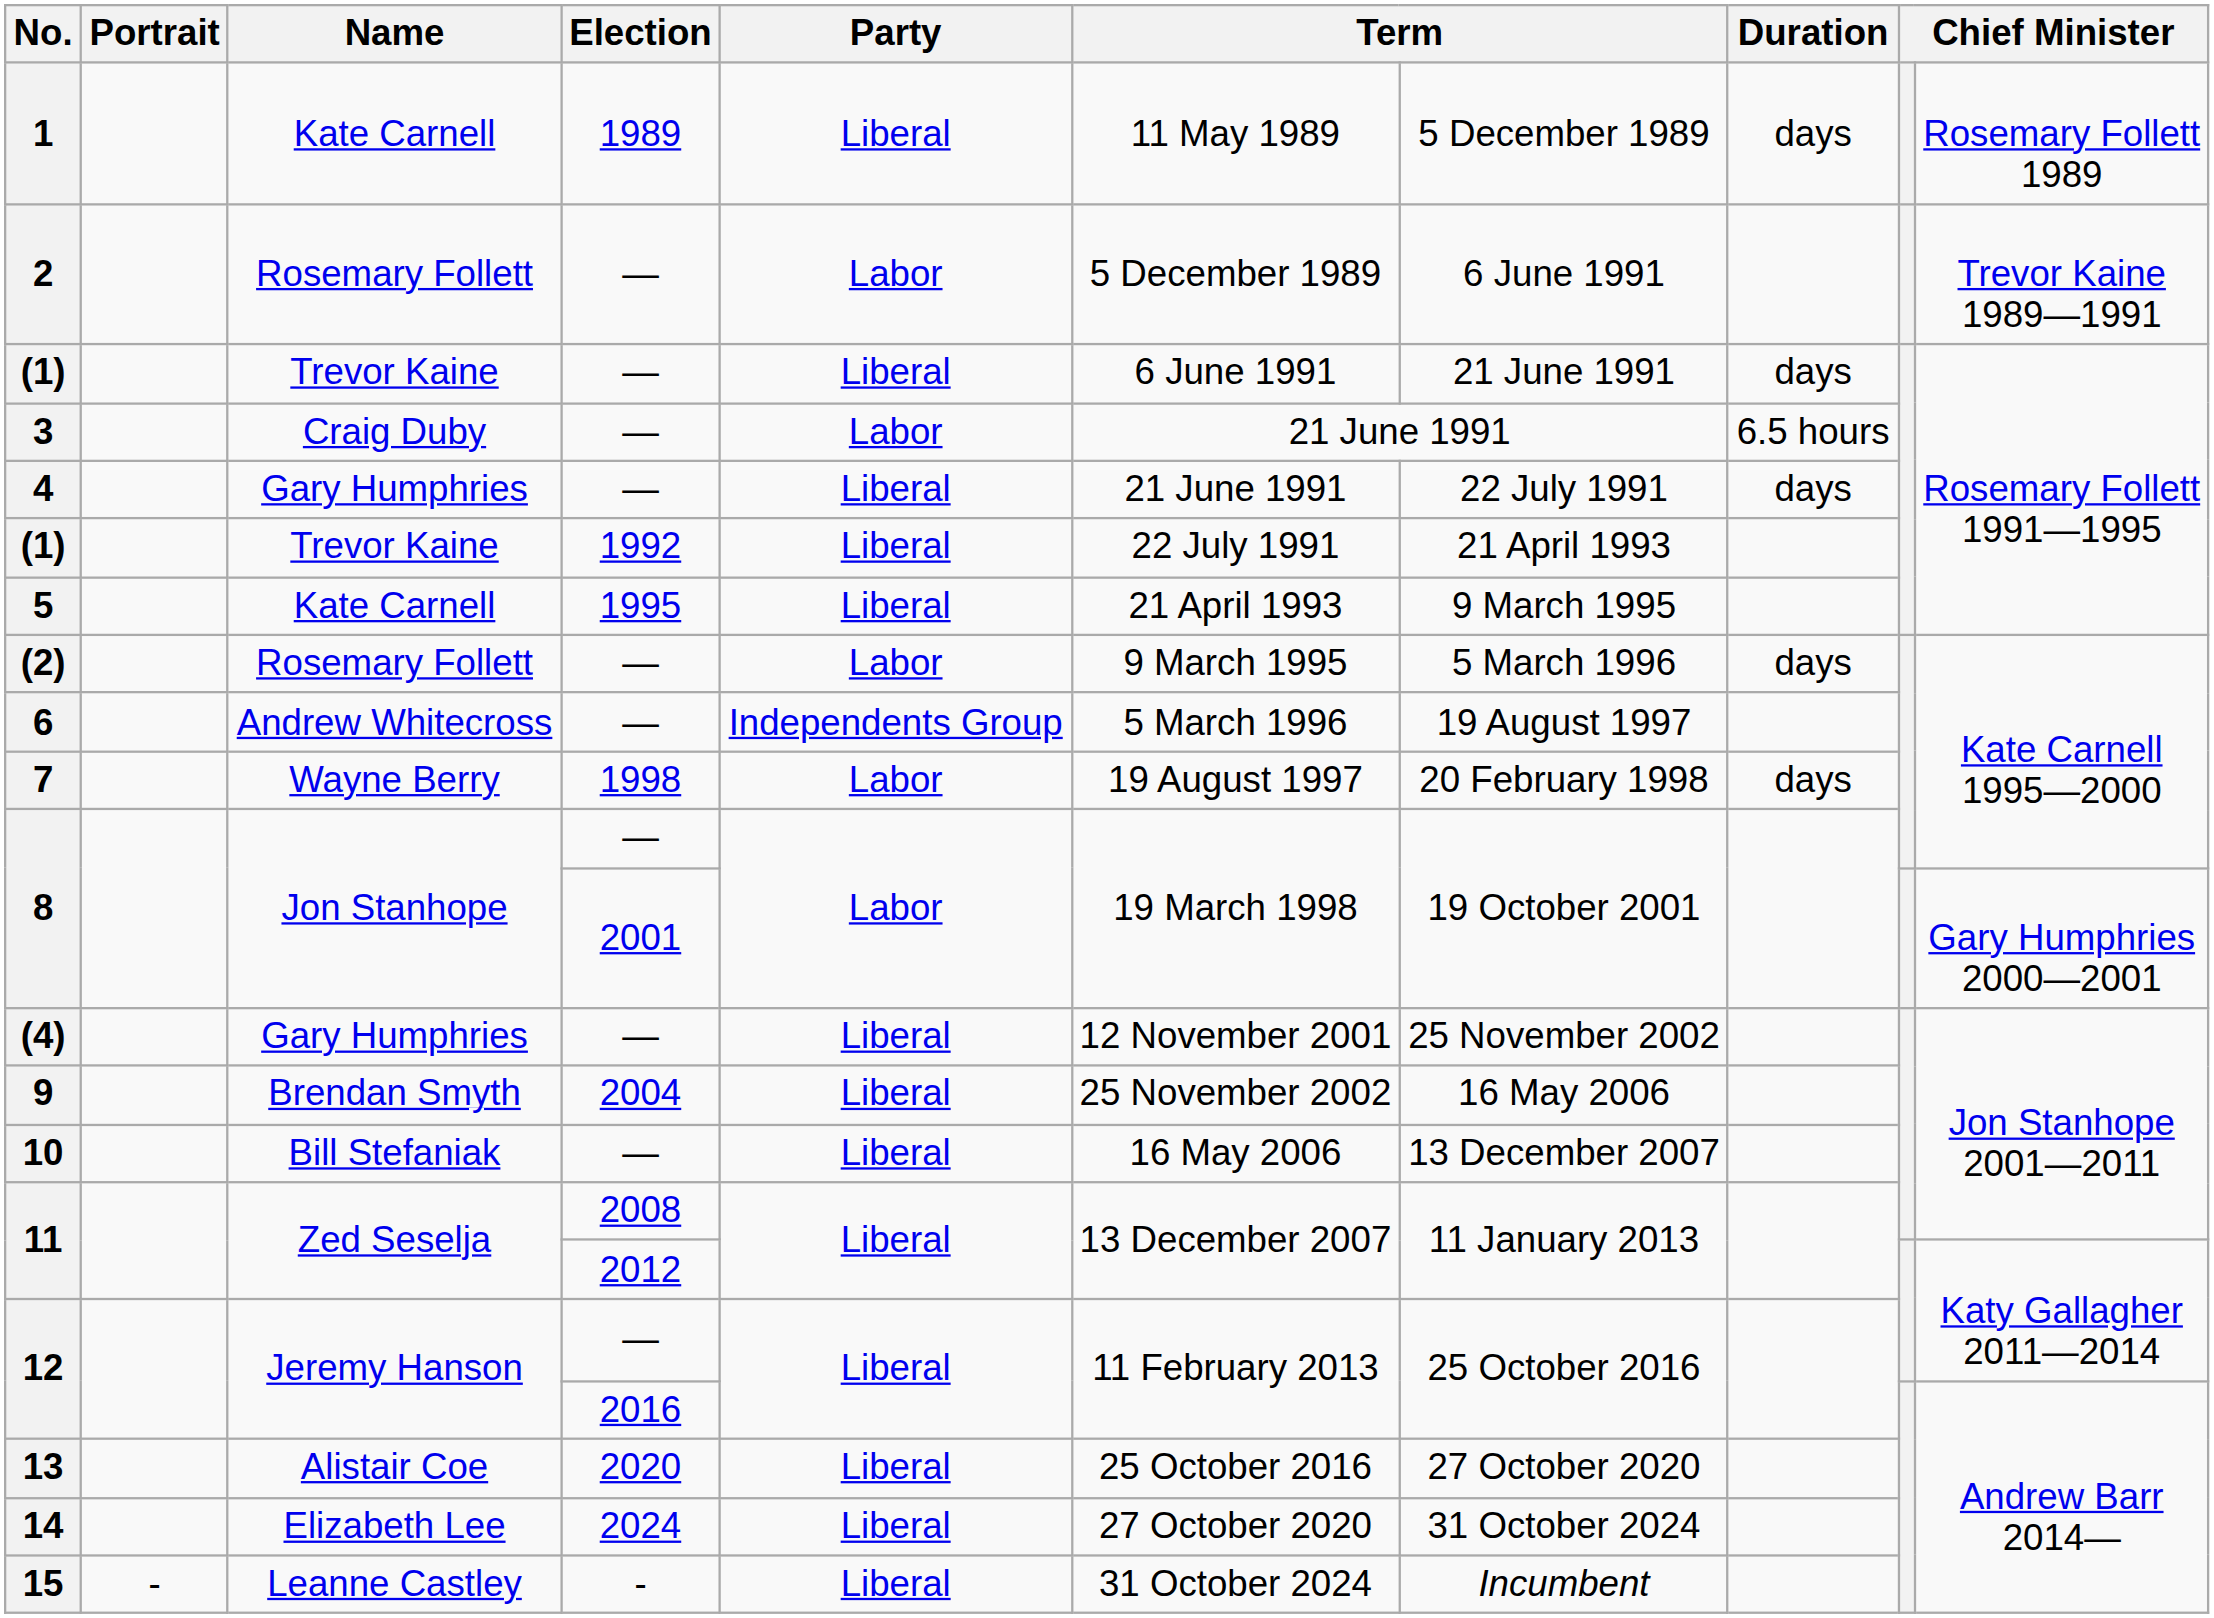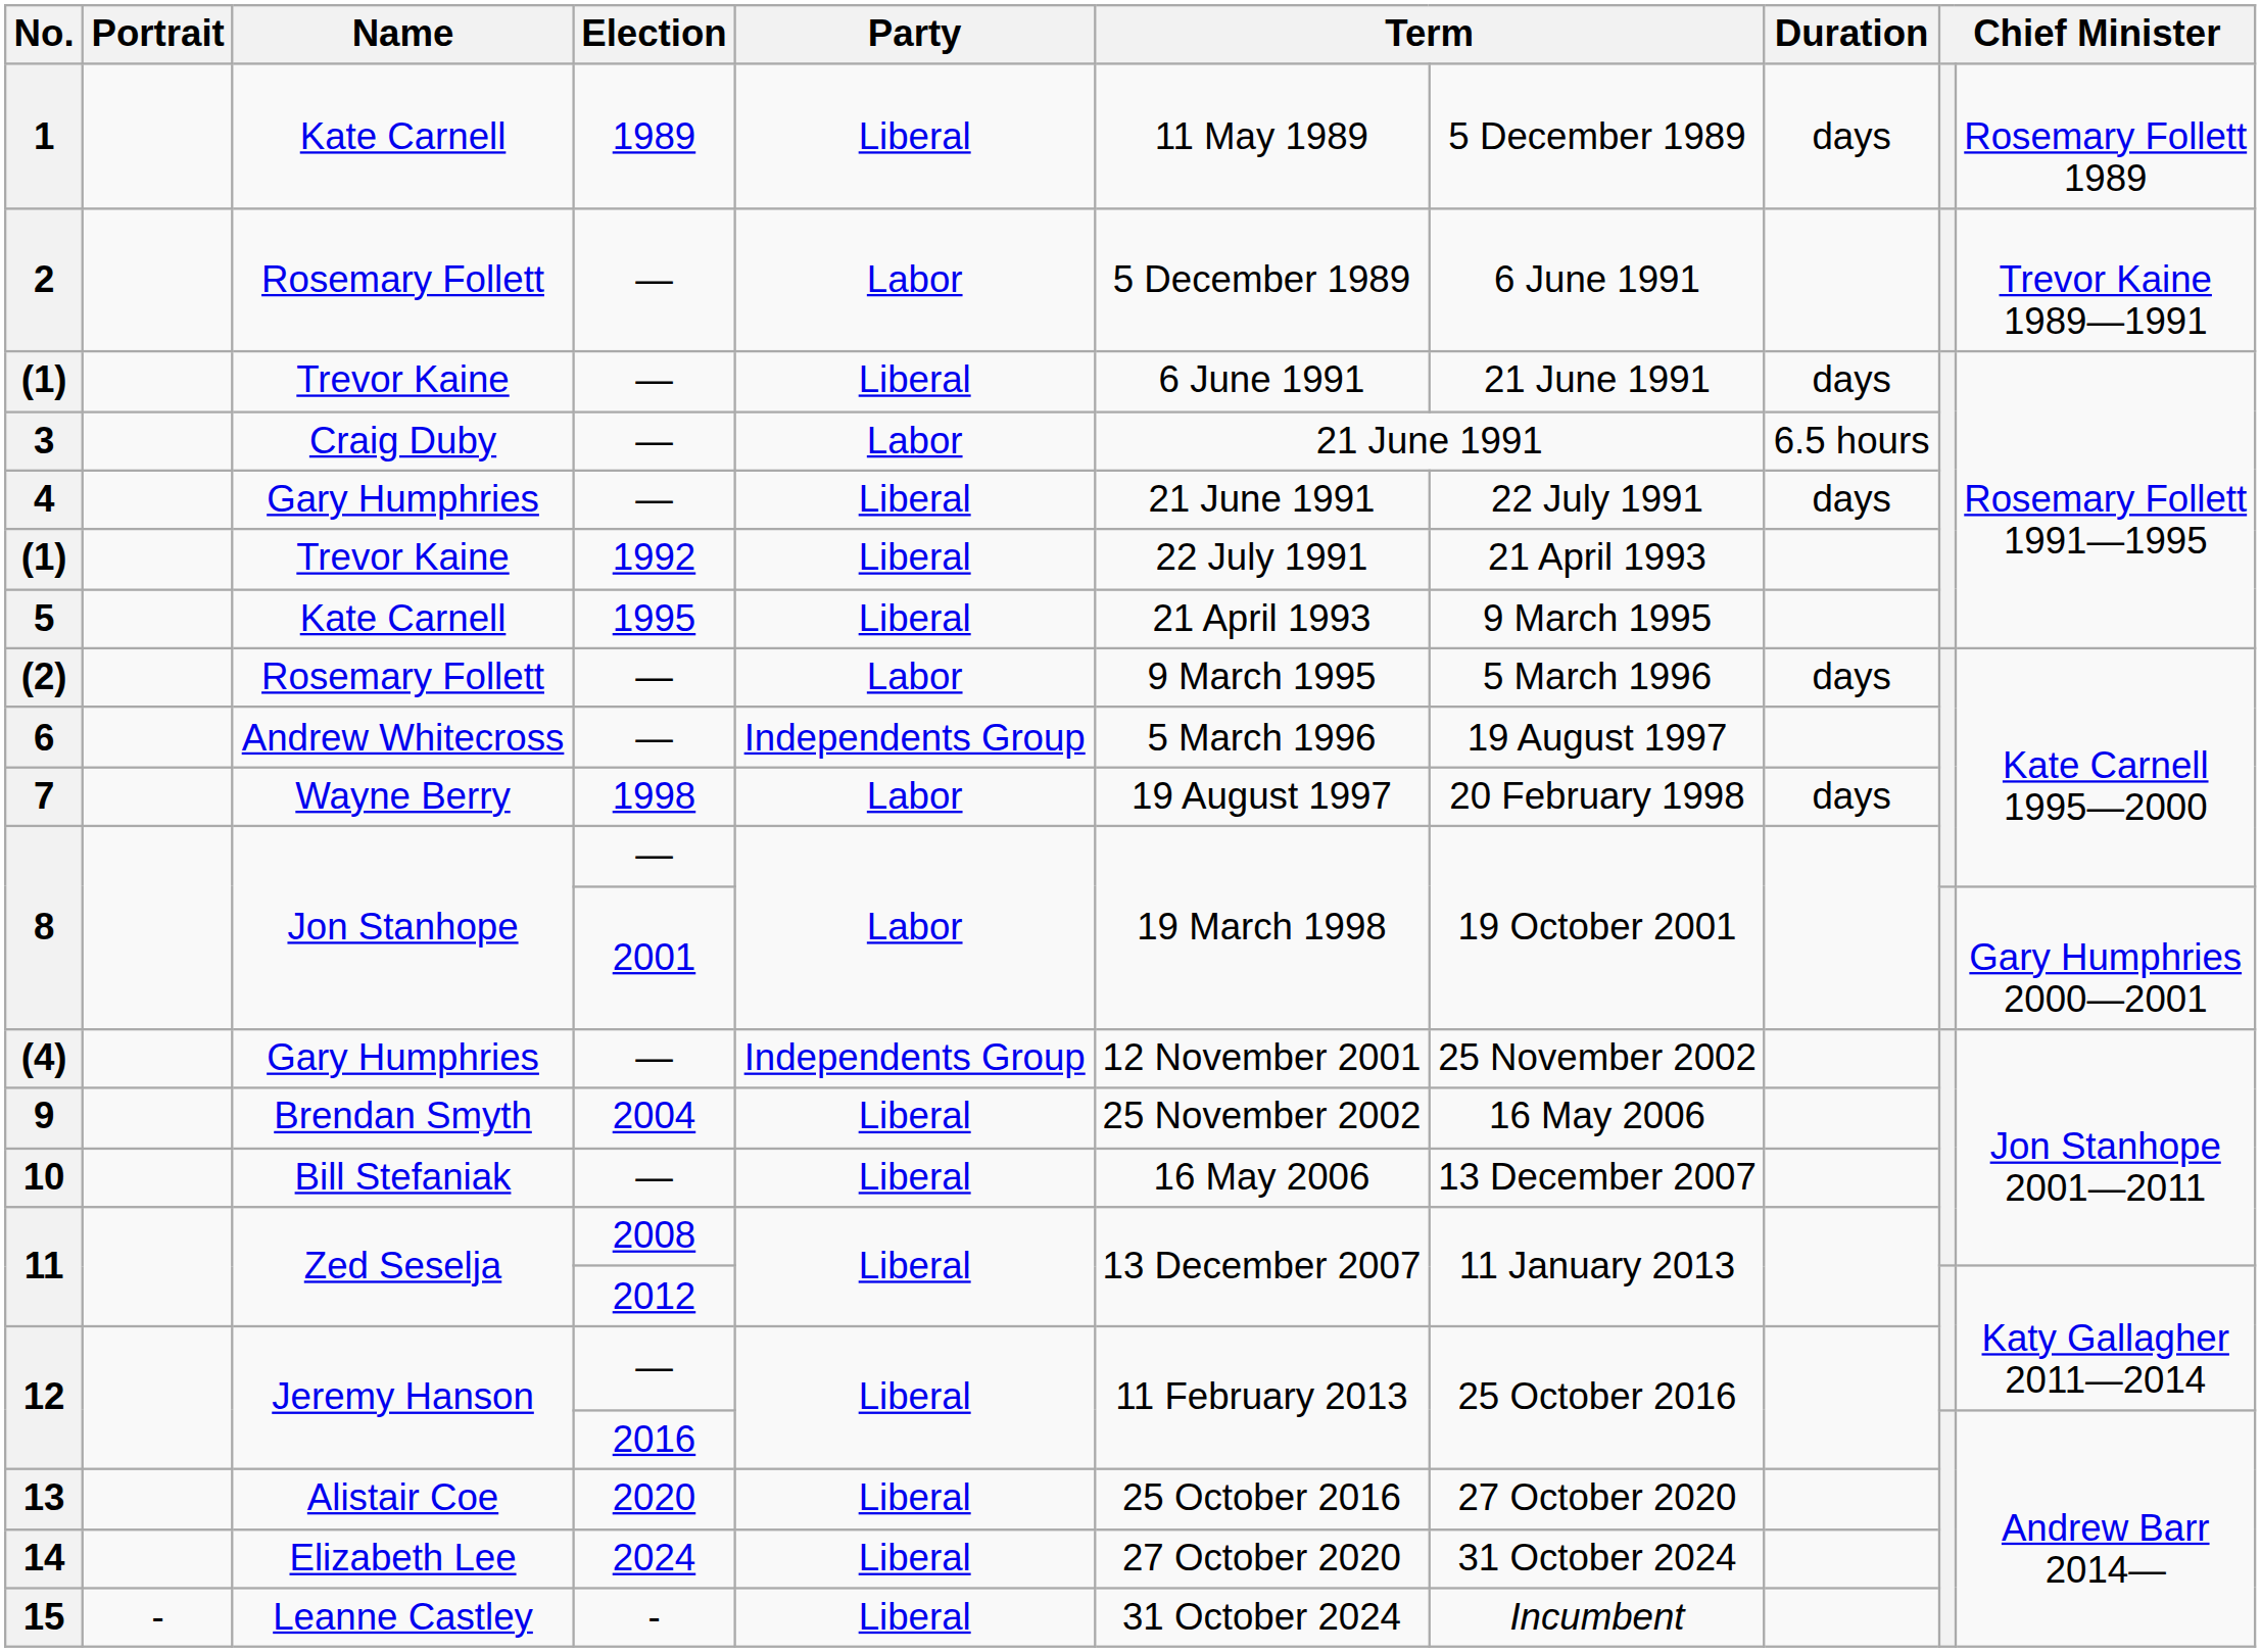 <table class="wikitable" style="text-align:center">
 <tr>
 <th>No.</th>
 <th>Portrait</th>
 <th>Name</th>
 <th>Election</th>
 <th>Party</th>
 <th colspan=2>Term</th>
 <th>Duration</th>
 <th colspan=2>Chief Minister</th>
 </tr>
 <tr>
 <th style="background:">1</th>
 <td></td>
 <td><a href='#'>Kate Carnell</a></td>
 <td><a href='#'>1989</a></td>
 <td><a href='#'>Liberal</a></td>
 <td>11 May 1989</td>
 <td>5 December 1989</td>
 <td> days</td>
 <th style="background:"></th>
 <td><br><a href='#'>Rosemary Follett</a><br>1989</td>
 </tr>
 <tr>
 <th style="background:">2</th>
 <td></td>
 <td><a href='#'>Rosemary Follett</a></td>
 <td>—</td>
 <td><a href='#'>Labor</a></td>
 <td>5 December 1989</td>
 <td>6 June 1991</td>
 <td></td>
 <th style="background:"></th>
 <td><br><a href='#'>Trevor Kaine</a><br>1989—1991</td>
 </tr>
 <tr>
 <th style="background:">(1)</th>
 <td></td>
 <td><a href='#'>Trevor Kaine</a></td>
 <td>—</td>
 <td><a href='#'>Liberal</a></td>
 <td>6 June 1991</td>
 <td>21 June 1991</td>
 <td> days</td>
 <th rowspan=5 style="background:"></th>
 <td rowspan=5><br><a href='#'>Rosemary Follett</a><br>1991—1995</td>
 </tr>
 <tr>
 <th>3</th>
 <td></td>
 <td><a href='#'>Craig Duby</a></td>
 <td>—</td>
 <td><a href='#'>Labor</a></td>
 <td colspan=2>21 June 1991</td>
 <td>6.5 hours</td>
 </tr>
 <tr>
 <th style="background:">4</th>
 <td></td>
 <td><a href='#'>Gary Humphries</a></td>
 <td>—</td>
 <td><a href='#'>Liberal</a></td>
 <td>21 June 1991</td>
 <td>22 July 1991</td>
 <td> days</td>
 </tr>
 <tr>
 <th style="background:">(1)</th>
 <td></td>
 <td><a href='#'>Trevor Kaine</a></td>
 <td><a href='#'>1992</a></td>
 <td><a href='#'>Liberal</a></td>
 <td>22 July 1991</td>
 <td>21 April 1993</td>
 <td></td>
 </tr>
 <tr>
 <th style="background:">5</th>
 <td></td>
 <td><a href='#'>Kate Carnell</a></td>
 <td><a href='#'>1995</a></td>
 <td><a href='#'>Liberal</a></td>
 <td>21 April 1993</td>
 <td>9 March 1995</td>
 <td></td>
 </tr>
 <tr>
 <th style="background:">(2)</th>
 <td></td>
 <td><a href='#'>Rosemary Follett</a></td>
 <td>—</td>
 <td><a href='#'>Labor</a></td>
 <td>9 March 1995</td>
 <td>5 March 1996</td>
 <td> days</td>
 <th rowspan=4 style="background:"></th>
 <td rowspan=4><br><a href='#'>Kate Carnell</a><br>1995—2000</td>
 </tr>
 <tr>
 <th style="background:">6</th>
 <td></td>
 <td><a href='#'>Andrew Whitecross</a></td>
 <td>—</td>
 <td><a href='#'>Independents Group</a></td>
 <td>5 March 1996</td>
 <td>19 August 1997</td>
 <td></td>
 </tr>
 <tr>
 <th style="background:">7</th>
 <td></td>
 <td><a href='#'>Wayne Berry</a></td>
 <td><a href='#'>1998</a></td>
 <td><a href='#'>Labor</a></td>
 <td>19 August 1997</td>
 <td>20 February 1998</td>
 <td> days</td>
 </tr>
 <tr>
 <th rowspan=2 style="background:">8</th>
 <td rowspan=2></td>
 <td rowspan=2><a href='#'>Jon Stanhope</a></td>
 <td>—</td>
 <td rowspan=2><a href='#'>Labor</a></td>
 <td rowspan=2>19 March 1998</td>
 <td rowspan=2>19 October 2001</td>
 <td rowspan=2></td>
 </tr>
 <tr>
 <td><a href='#'>2001</a></td>
 <th style="background:"></th>
 <td><br><a href='#'>Gary Humphries</a><br>2000—2001</td>
 </tr>
 <tr>
 <th style="background:">(4)</th>
 <td></td>
 <td><a href='#'>Gary Humphries</a></td>
 <td>—</td>
-<td><a href='#'>Liberal</a></td>
+<td><a href='#'>Independents Group</a></td>
 <td>12 November 2001</td>
 <td>25 November 2002</td>
 <td></td>
 <th rowspan=4 style="background:"></th>
 <td rowspan=4><br><a href='#'>Jon Stanhope</a><br>2001—2011</td>
 </tr>
 <tr>
 <th style="background:">9</th>
 <td></td>
 <td><a href='#'>Brendan Smyth</a></td>
 <td><a href='#'>2004</a></td>
 <td><a href='#'>Liberal</a></td>
 <td>25 November 2002</td>
 <td>16 May 2006</td>
 <td></td>
 </tr>
 <tr>
 <th style="background:">10</th>
 <td></td>
 <td><a href='#'>Bill Stefaniak</a></td>
 <td>—</td>
 <td><a href='#'>Liberal</a></td>
 <td>16 May 2006</td>
 <td>13 December 2007</td>
 <td></td>
 </tr>
 <tr>
 <th rowspan=2 style="background:">11</th>
 <td rowspan=2></td>
 <td rowspan=2><a href='#'>Zed Seselja</a></td>
 <td><a href='#'>2008</a></td>
 <td rowspan=2><a href='#'>Liberal</a></td>
 <td rowspan=2>13 December 2007</td>
 <td rowspan=2>11 January 2013</td>
 <td rowspan=2><strong></strong></td>
 </tr>
 <tr>
 <td><a href='#'>2012</a></td>
 <th rowspan=2 style="background:"></th>
 <td rowspan=2><br><a href='#'>Katy Gallagher</a><br>2011—2014</td>
 </tr>
 <tr>
 <th rowspan=2 style="background:">12</th>
 <td rowspan=2></td>
 <td rowspan=2><a href='#'>Jeremy Hanson</a></td>
 <td>—</td>
 <td rowspan=2><a href='#'>Liberal</a></td>
 <td rowspan=2>11 February 2013</td>
 <td rowspan=2>25 October 2016</td>
 <td rowspan=2></td>
 </tr>
 <tr>
 <td><a href='#'>2016</a></td>
 <th rowspan=4 style="background:"></th>
 <td rowspan=4><br><a href='#'>Andrew Barr</a><br>2014—</td>
 </tr>
 <tr>
 <th style="background:">13</th>
 <td></td>
 <td><a href='#'>Alistair Coe</a></td>
 <td><a href='#'>2020</a></td>
 <td><a href='#'>Liberal</a></td>
 <td>25 October 2016</td>
 <td>27 October 2020</td>
 <td></td>
 </tr>
 <tr>
 <th style="background:">14</th>
 <td></td>
 <td><a href='#'>Elizabeth Lee</a></td>
 <td><a href='#'>2024</a></td>
 <td><a href='#'>Liberal</a></td>
 <td>27 October 2020</td>
 <td>31 October 2024</td>
 <td></td>
 </tr>
 <tr>
 <th style="background:">15</th>
 <td>-</td>
 <td><a href='#'>Leanne Castley</a></td>
 <td>-</td>
 <td><a href='#'>Liberal</a></td>
 <td>31 October 2024</td>
 <td><em>Incumbent</em></td>
 <td></td>
 </tr>
 </table>
